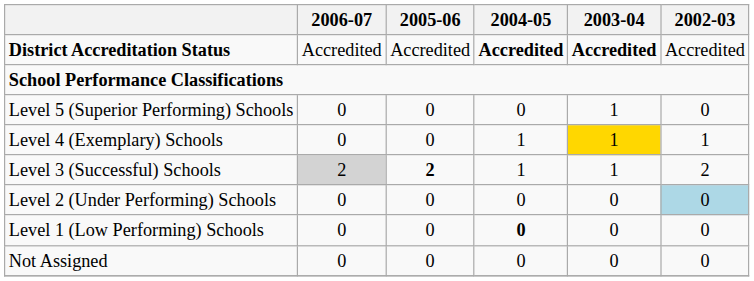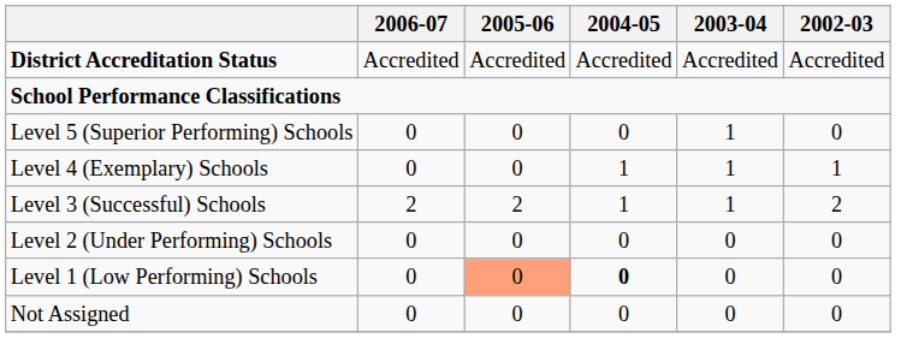 <table class="wikitable" style="font-size: 95%;">
 <tr>
 <th></th>
 <th>2006-07</th>
 <th>2005-06</th>
 <th>2004-05</th>
 <th>2003-04</th>
 <th>2002-03</th>
 </tr>
 <tr>
 <td align="left"><strong>District Accreditation Status</strong></td>
 <td align="center">Accredited</td>
 <td align="center">Accredited</td>
-<td align="center"><strong>Accredited</strong></td>
-<td align="center"><strong>Accredited</strong></td>
+<td align="center">Accredited</td>
+<td align="center">Accredited</td>
 <td align="center">Accredited</td>
 </tr>
 <tr>
 <td align="left" colspan="6"><strong>School Performance Classifications</strong></td>
 </tr>
 <tr>
 <td align="left">Level 5 (Superior Performing) Schools</td>
 <td align="center">0</td>
 <td align="center">0</td>
 <td align="center">0</td>
 <td align="center">1</td>
 <td align="center">0</td>
 </tr>
 <tr>
 <td align="left">Level 4 (Exemplary) Schools</td>
 <td align="center">0</td>
 <td align="center">0</td>
 <td align="center">1</td>
-<td align="center" style="background: gold;">1</td>
+<td align="center">1</td>
 <td align="center">1</td>
 </tr>
 <tr>
 <td align="left">Level 3 (Successful) Schools</td>
-<td align="center" style="background: lightgrey;">2</td>
-<td align="center"><strong>2</strong></td>
+<td align="center">2</td>
+<td align="center">2</td>
 <td align="center">1</td>
 <td align="center">1</td>
 <td align="center">2</td>
 </tr>
 <tr>
 <td align="left">Level 2 (Under Performing) Schools</td>
 <td align="center">0</td>
 <td align="center">0</td>
 <td align="center">0</td>
 <td align="center">0</td>
-<td align="center" style="background: lightblue;">0</td>
+<td align="center">0</td>
 </tr>
 <tr>
 <td align="left">Level 1 (Low Performing) Schools</td>
 <td align="center">0</td>
-<td align="center">0</td>
+<td align="center" style="background: lightsalmon;">0</td>
 <td align="center"><strong>0</strong></td>
 <td align="center">0</td>
 <td align="center">0</td>
 </tr>
 <tr>
 <td align="left">Not Assigned</td>
 <td align="center">0</td>
 <td align="center">0</td>
 <td align="center">0</td>
 <td align="center">0</td>
 <td align="center">0</td>
 </tr>
 <tr>
 </tr>
 </table>
